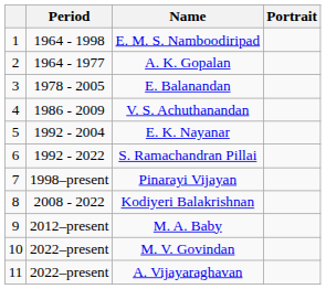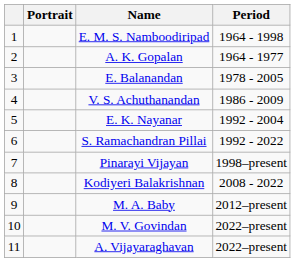 <table class="wikitable sortable" style="text-align:center">
 <tr>
 <th Style="background-color:"></th>
+<th Style="background-color:">Portrait</th>
+<th Style="background-color:">Name</th>
 <th Style="background-color:">Period</th>
-<th Style="background-color:">Name</th>
-<th Style="background-color:">Portrait</th>
 </tr>
 <tr>
 <td>1</td>
+<td></td>
+<td><a href='#'>E. M. S. Namboodiripad</a></td>
 <td>1964 - 1998</td>
-<td><a href='#'>E. M. S. Namboodiripad</a></td>
-<td></td>
 </tr>
 <tr>
 <td>2</td>
+<td></td>
+<td><a href='#'>A. K. Gopalan</a></td>
 <td>1964 - 1977</td>
-<td><a href='#'>A. K. Gopalan</a></td>
-<td></td>
 </tr>
 <tr>
 <td>3</td>
+<td></td>
+<td><a href='#'>E. Balanandan</a></td>
 <td>1978 - 2005</td>
-<td><a href='#'>E. Balanandan</a></td>
-<td></td>
 </tr>
 <tr>
 <td>4</td>
+<td></td>
+<td><a href='#'>V. S. Achuthanandan</a></td>
 <td>1986 - 2009</td>
-<td><a href='#'>V. S. Achuthanandan</a></td>
-<td></td>
 </tr>
 <tr>
 <td>5</td>
+<td></td>
+<td><a href='#'>E. K. Nayanar</a></td>
 <td>1992 - 2004</td>
-<td><a href='#'>E. K. Nayanar</a></td>
-<td></td>
 </tr>
 <tr>
 <td>6</td>
+<td></td>
+<td><a href='#'>S. Ramachandran Pillai</a></td>
 <td>1992 - 2022</td>
-<td><a href='#'>S. Ramachandran Pillai</a></td>
-<td></td>
 </tr>
 <tr>
 <td>7</td>
+<td></td>
+<td><a href='#'>Pinarayi Vijayan</a></td>
 <td>1998–present</td>
-<td><a href='#'>Pinarayi Vijayan</a></td>
-<td></td>
 </tr>
 <tr>
 <td>8</td>
+<td></td>
+<td><a href='#'>Kodiyeri Balakrishnan</a></td>
 <td>2008 - 2022</td>
-<td><a href='#'>Kodiyeri Balakrishnan</a></td>
-<td></td>
 </tr>
 <tr>
 <td>9</td>
+<td></td>
+<td><a href='#'>M. A. Baby</a></td>
 <td>2012–present</td>
-<td><a href='#'>M. A. Baby</a></td>
-<td></td>
 </tr>
 <tr>
 <td>10</td>
+<td></td>
+<td><a href='#'>M. V. Govindan</a></td>
 <td>2022–present</td>
-<td><a href='#'>M. V. Govindan</a></td>
-<td></td>
 </tr>
 <tr>
 <td>11</td>
+<td></td>
+<td><a href='#'>A. Vijayaraghavan</a></td>
 <td>2022–present</td>
-<td><a href='#'>A. Vijayaraghavan</a></td>
-<td></td>
 </tr>
 </table>
